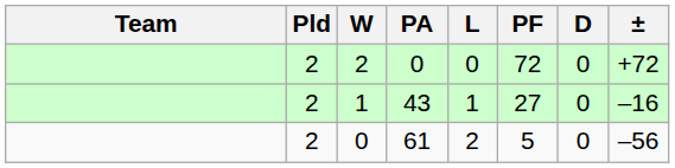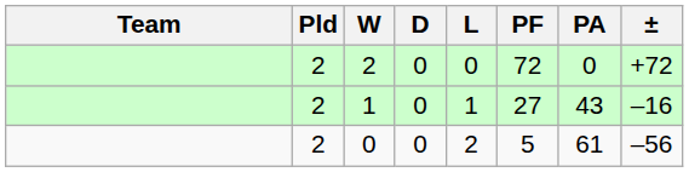 <table class="wikitable" style="text-align:center;">
 <tr>
 <th width=175>Team</th>
 <th width=25 abbr="Played">Pld</th>
 <th width=25 abbr="Won">W</th>
-<th width=32 abbr="Points against">PA</th>
+<th width=25 abbr="Drawn">D</th>
 <th width=25 abbr="Lost">L</th>
 <th width=32 abbr="Points for">PF</th>
-<th width=25 abbr="Drawn">D</th>
+<th width=32 abbr="Points against">PA</th>
 <th width=32 abbr="Points difference">±</th>
 </tr>
 <tr bgcolor=ccffcc>
 <td align=left></td>
 <td>2</td>
 <td>2</td>
 <td>0</td>
 <td>0</td>
 <td>72</td>
 <td>0</td>
 <td>+72</td>
 </tr>
 <tr bgcolor=ccffcc>
 <td align=left></td>
 <td>2</td>
 <td>1</td>
-<td>43</td>
+<td>0</td>
 <td>1</td>
 <td>27</td>
-<td>0</td>
+<td>43</td>
 <td>–16</td>
 </tr>
 <tr>
 <td align=left></td>
 <td>2</td>
 <td>0</td>
-<td>61</td>
+<td>0</td>
 <td>2</td>
 <td>5</td>
-<td>0</td>
+<td>61</td>
 <td>–56</td>
 </tr>
 </table>
